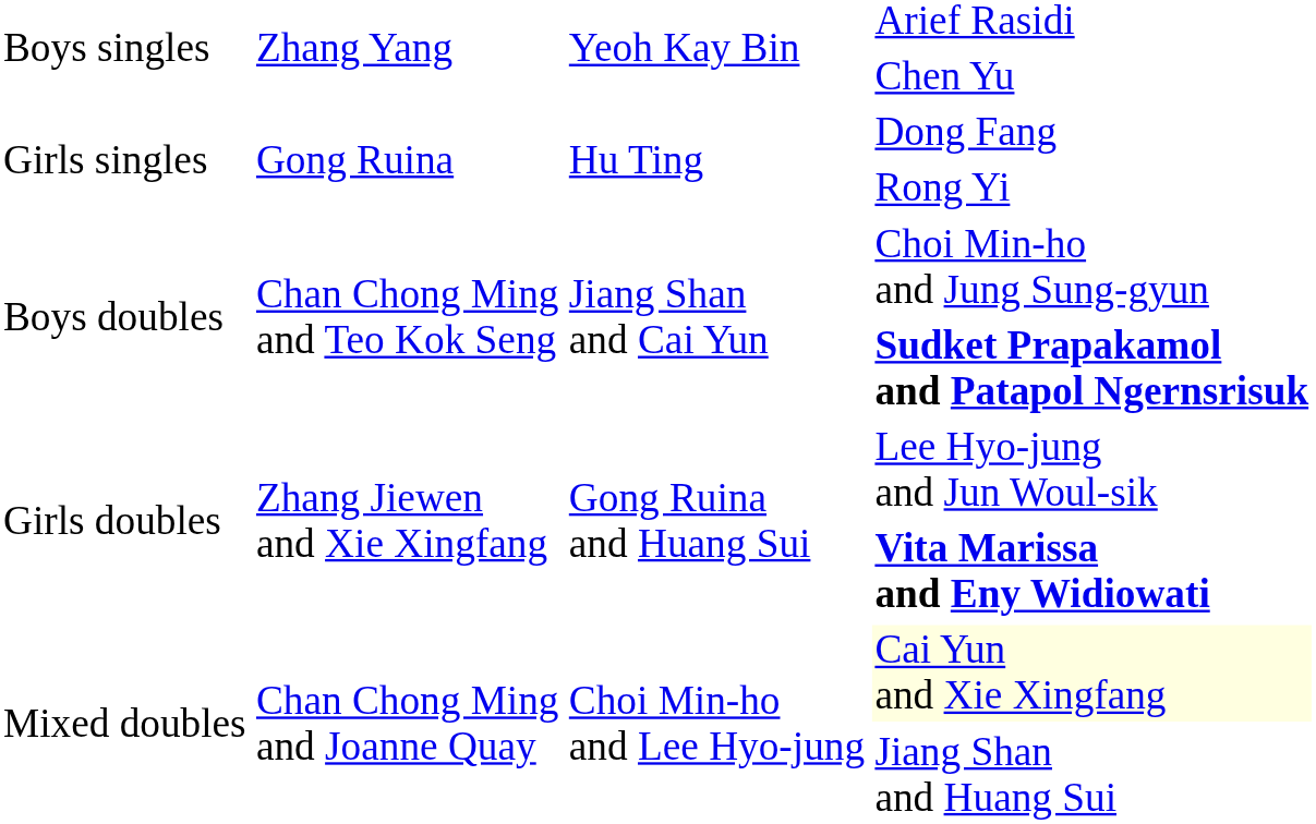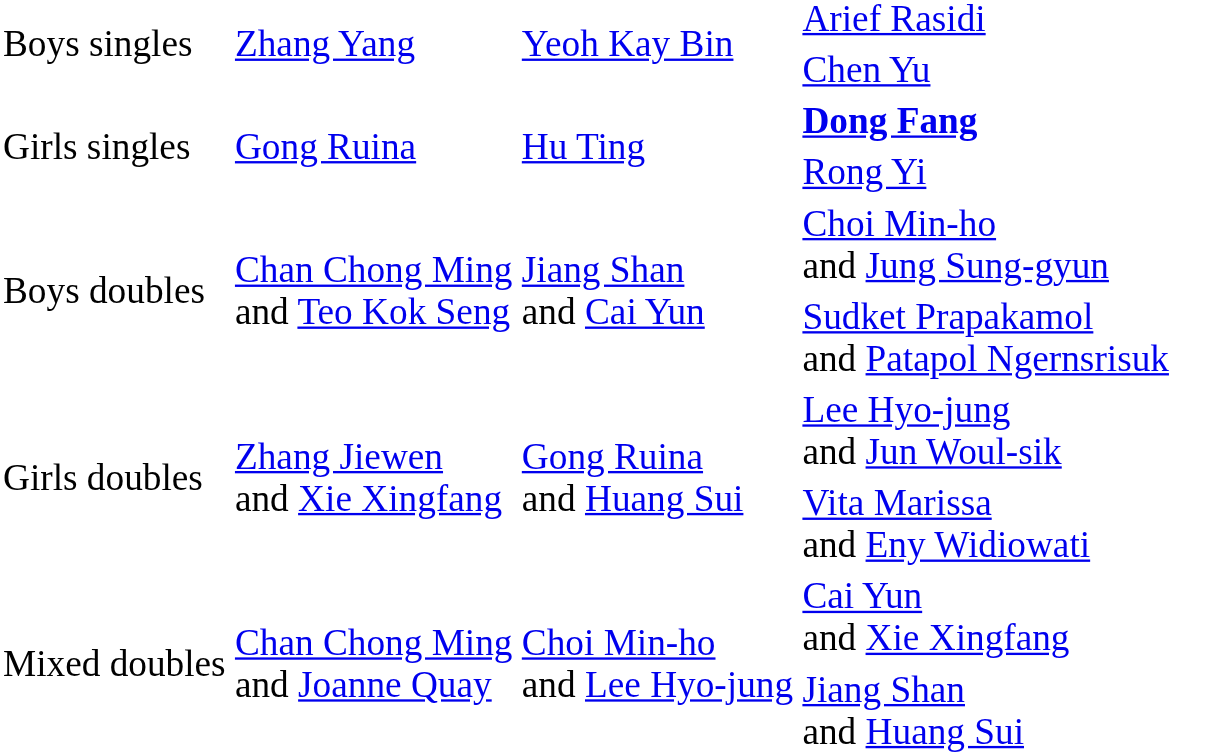 <table>
 <tr>
 <td rowspan=2>Boys singles</td>
 <td rowspan=2> <a href='#'>Zhang Yang</a></td>
 <td rowspan=2> <a href='#'>Yeoh Kay Bin</a></td>
 <td> <a href='#'>Arief Rasidi</a></td>
 </tr>
 <tr>
 <td> <a href='#'>Chen Yu</a></td>
 </tr>
 <tr>
 <td rowspan=2>Girls singles</td>
 <td rowspan=2> <a href='#'>Gong Ruina</a></td>
 <td rowspan=2> <a href='#'>Hu Ting</a></td>
-<td> <a href='#'>Dong Fang</a></td>
+<td><strong> <a href='#'>Dong Fang</a></strong></td>
 </tr>
 <tr>
 <td> <a href='#'>Rong Yi</a></td>
 </tr>
 <tr>
 <td rowspan=2>Boys doubles</td>
 <td rowspan=2> <a href='#'>Chan Chong Ming</a><br>and <a href='#'>Teo Kok Seng</a></td>
 <td rowspan=2> <a href='#'>Jiang Shan</a><br>and <a href='#'>Cai Yun</a></td>
 <td> <a href='#'>Choi Min-ho</a><br>and <a href='#'>Jung Sung-gyun</a></td>
 </tr>
 <tr>
-<td><strong> <a href='#'>Sudket Prapakamol</a><br>and <a href='#'>Patapol Ngernsrisuk</a></strong></td>
+<td> <a href='#'>Sudket Prapakamol</a><br>and <a href='#'>Patapol Ngernsrisuk</a></td>
 </tr>
 <tr>
 <td rowspan=2>Girls doubles</td>
 <td rowspan=2> <a href='#'>Zhang Jiewen</a><br>and <a href='#'>Xie Xingfang</a></td>
 <td rowspan=2> <a href='#'>Gong Ruina</a><br>and <a href='#'>Huang Sui</a></td>
 <td> <a href='#'>Lee Hyo-jung</a><br>and <a href='#'>Jun Woul-sik</a></td>
 </tr>
 <tr>
-<td><strong> <a href='#'>Vita Marissa</a><br>and <a href='#'>Eny Widiowati</a></strong></td>
+<td> <a href='#'>Vita Marissa</a><br>and <a href='#'>Eny Widiowati</a></td>
 </tr>
 <tr>
 <td rowspan=2>Mixed doubles</td>
 <td rowspan=2> <a href='#'>Chan Chong Ming</a><br>and <a href='#'>Joanne Quay</a></td>
 <td rowspan=2> <a href='#'>Choi Min-ho</a><br>and <a href='#'>Lee Hyo-jung</a></td>
-<td style="background: lightyellow;"> <a href='#'>Cai Yun</a><br>and <a href='#'>Xie Xingfang</a></td>
+<td> <a href='#'>Cai Yun</a><br>and <a href='#'>Xie Xingfang</a></td>
 </tr>
 <tr>
 <td> <a href='#'>Jiang Shan</a><br>and <a href='#'>Huang Sui</a></td>
 </tr>
 </table>
